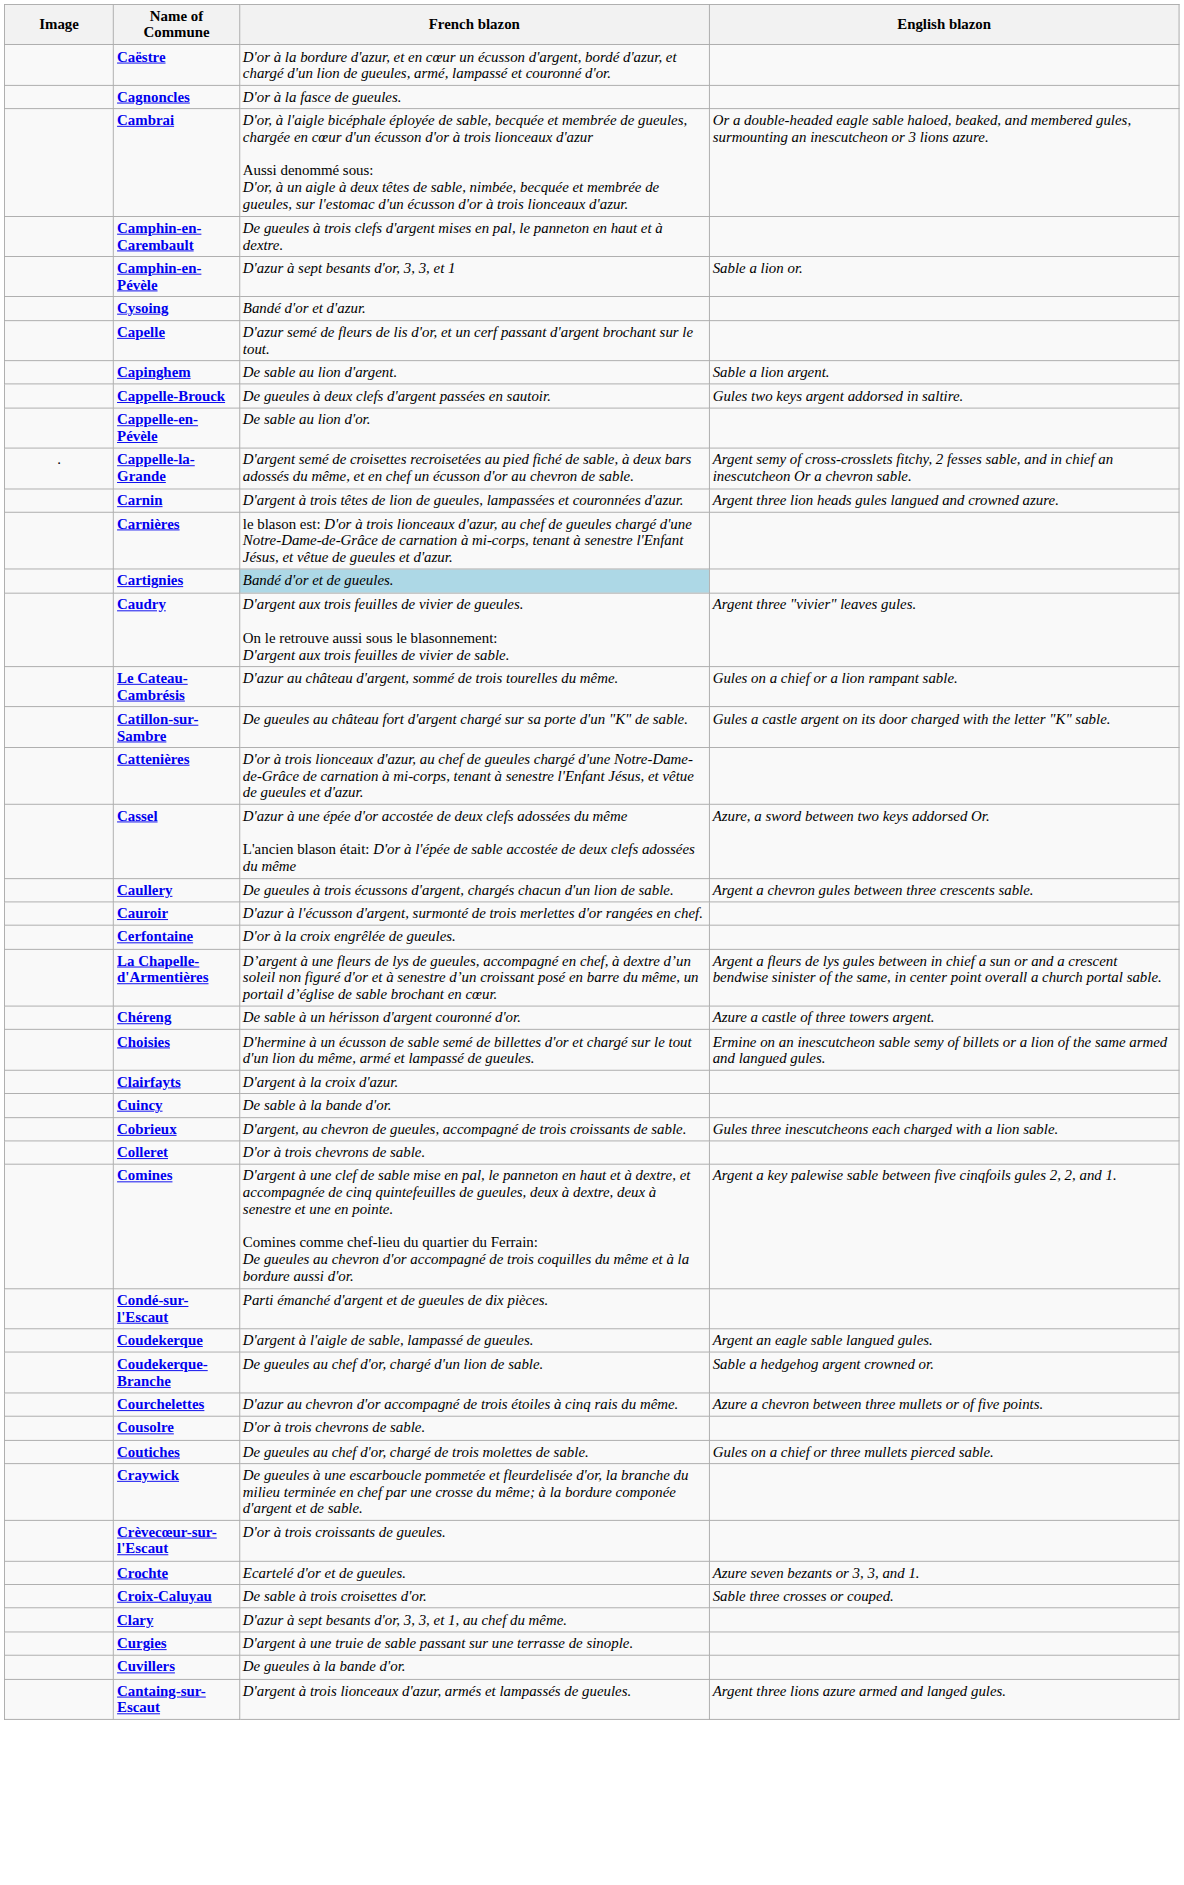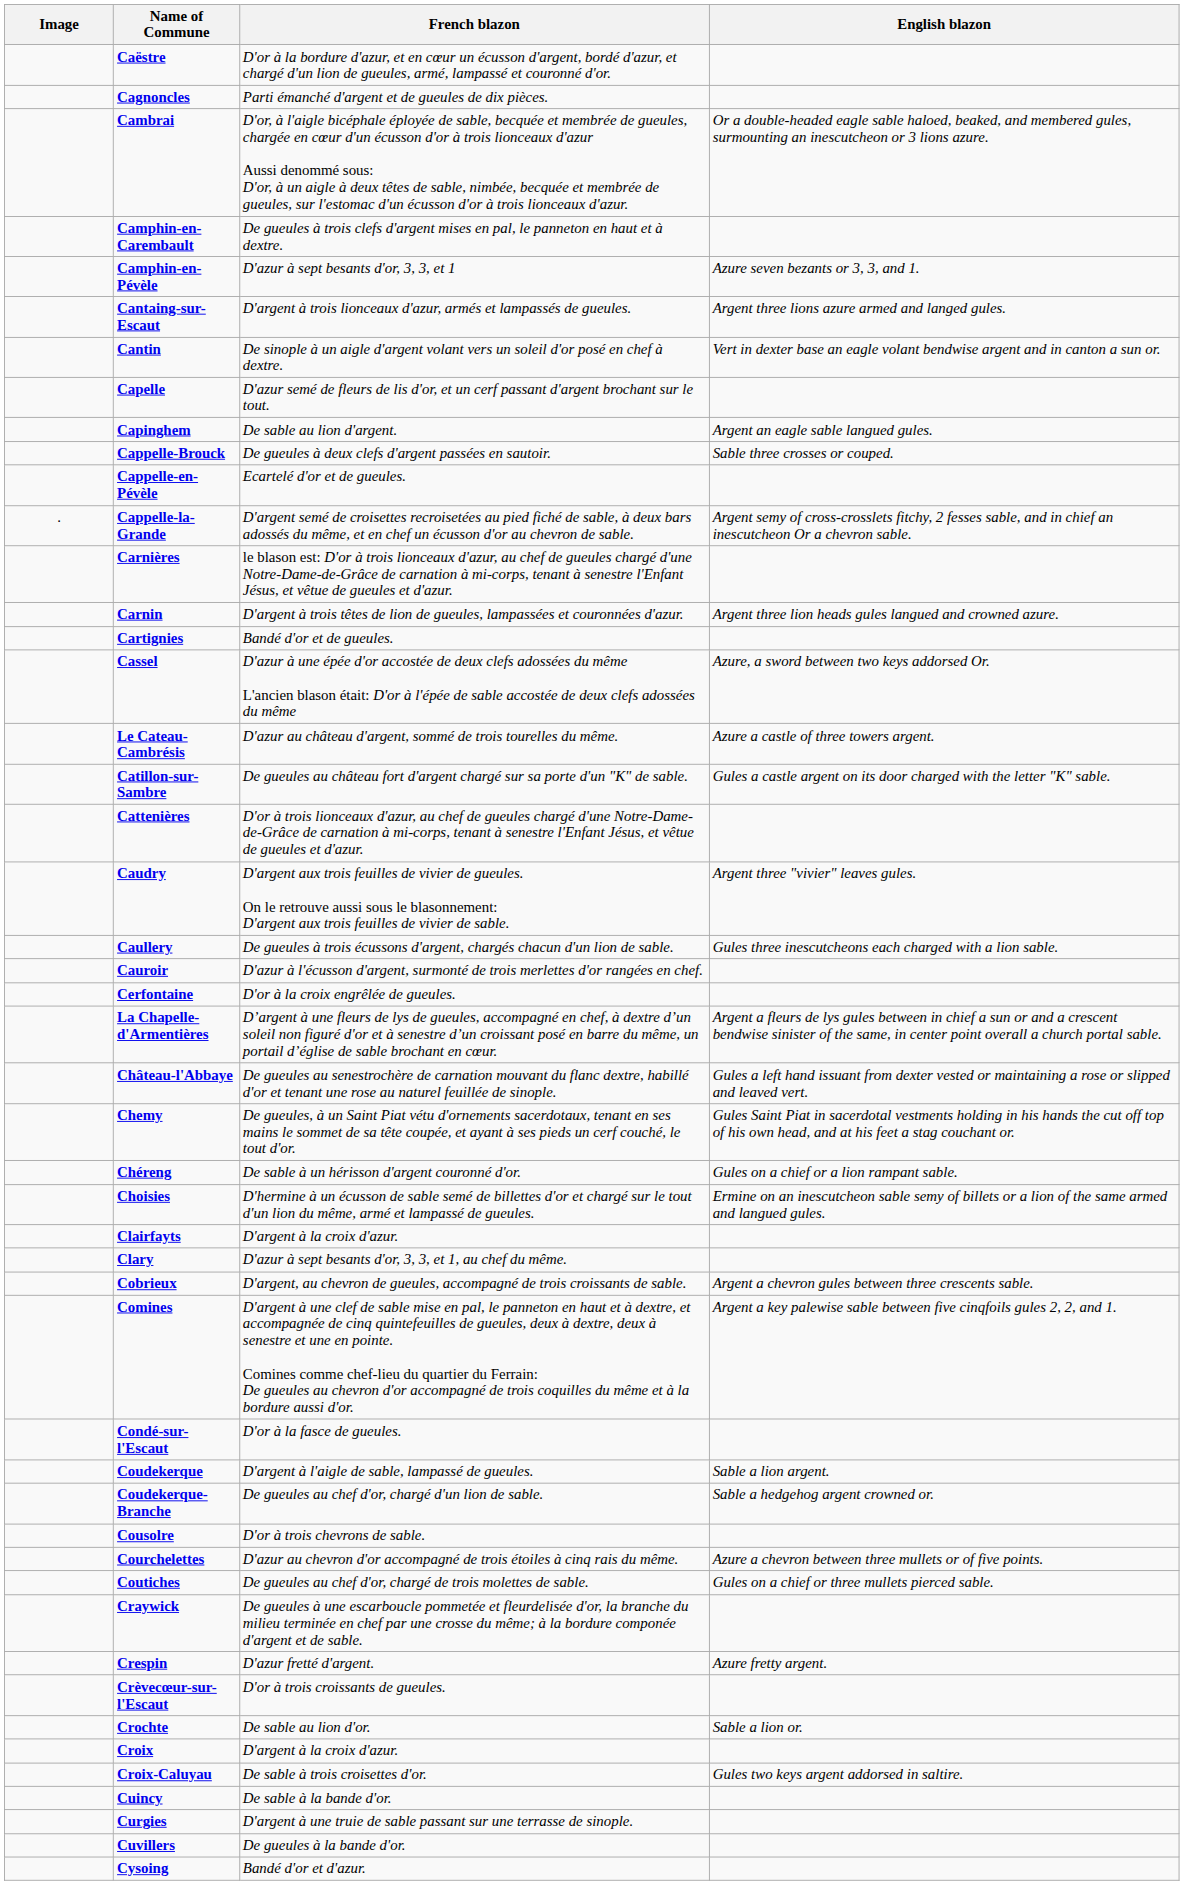 <table class="wikitable" width="100%">
 <tr>
 <th width="110">Image</th>
 <th>Name of Commune</th>
 <th width="40%">French blazon</th>
 <th width="40%">English blazon</th>
 </tr>
 <tr valign=top>
 <td align=center></td>
 <td><strong><a href='#'>Caëstre</a></strong></td>
 <td><em>D'or à la bordure d'azur, et en cœur un écusson d'argent, bordé d'azur, et chargé d'un lion de gueules, armé, lampassé et couronné d'or.</em></td>
 <td></td>
 </tr>
 <tr valign=top>
 <td align=center></td>
 <td><strong><a href='#'>Cagnoncles</a></strong></td>
-<td><em>D'or à la fasce de gueules.</em></td>
+<td><em>Parti émanché d'argent et de gueules de dix pièces.</em></td>
 <td></td>
 </tr>
 <tr valign=top>
 <td align=center></td>
 <td><strong><a href='#'>Cambrai</a></strong></td>
 <td><em>D'or, à l'aigle bicéphale éployée de sable, becquée et membrée de gueules, chargée en cœur d'un écusson d'or à trois lionceaux d'azur</em><br><br>Aussi denommé sous:<br><em>D'or, à un aigle à deux têtes de sable, nimbée, becquée et membrée de gueules, sur l'estomac d'un écusson d'or à trois lionceaux d'azur.</em><br></td>
 <td><em>Or a double-headed eagle sable haloed, beaked, and membered gules, surmounting an inescutcheon or 3 lions azure.</em></td>
 </tr>
 <tr valign=top>
 <td align=center></td>
 <td><strong><a href='#'>Camphin-en-Carembault</a></strong></td>
 <td><em>De gueules à trois clefs d'argent mises en pal, le panneton en haut et à dextre.</em></td>
 <td></td>
 </tr>
 <tr valign=top>
 <td align=center></td>
 <td><strong><a href='#'>Camphin-en-Pévèle</a></strong></td>
 <td><em>D'azur à sept besants d'or, 3, 3, et 1</em></td>
-<td><em>Sable a lion or.</em></td>
+<td><em>Azure seven bezants or 3, 3, and 1.</em></td>
 </tr>
 <tr valign=top>
 <td align=center></td>
-<td><strong><a href='#'>Cysoing</a></strong></td>
-<td><em>Bandé d'or et d'azur.</em></td>
-<td></td>
+<td><strong><a href='#'>Cantaing-sur-Escaut</a></strong></td>
+<td><em>D'argent à trois lionceaux d'azur, armés et lampassés de gueules.</em></td>
+<td><em>Argent three lions azure armed and langed gules.</em></td>
+</tr>
+<tr valign=top>
+<td align=center></td>
+<td><strong><a href='#'>Cantin</a></strong></td>
+<td><em>De sinople à un aigle d'argent volant vers un soleil d'or posé en chef à dextre.</em></td>
+<td><em>Vert in dexter base an eagle volant bendwise argent and in canton a sun or.</em></td>
 </tr>
 <tr valign=top>
 <td align=center></td>
 <td><strong><a href='#'>Capelle</a></strong></td>
 <td><em>D'azur semé de fleurs de lis d'or, et un cerf passant d'argent brochant sur le tout.</em></td>
 <td></td>
 </tr>
 <tr valign=top>
 <td align=center></td>
 <td><strong><a href='#'>Capinghem</a></strong></td>
 <td><em>De sable au lion d'argent.</em></td>
-<td><em>Sable a lion argent.</em></td>
+<td><em>Argent an eagle sable langued gules.</em></td>
 </tr>
 <tr valign=top>
 <td align=center></td>
 <td><strong><a href='#'>Cappelle-Brouck</a></strong></td>
 <td><em>De gueules à deux clefs d'argent passées en sautoir.</em></td>
-<td><em>Gules two keys argent addorsed in saltire.</em></td>
+<td><em>Sable three crosses or couped.</em></td>
 </tr>
 <tr valign=top>
 <td align=center></td>
 <td><strong><a href='#'>Cappelle-en-Pévèle</a></strong></td>
-<td><em>De sable au lion d'or.</em></td>
+<td><em>Ecartelé d'or et de gueules.</em></td>
 <td></td>
 </tr>
 <tr valign=top>
 <td align=center>.</td>
 <td><strong><a href='#'>Cappelle-la-Grande</a></strong></td>
 <td><em>D'argent semé de croisettes recroisetées au pied fiché de sable, à deux bars adossés du même, et en chef un écusson d'or au chevron de sable.</em></td>
 <td><em>Argent semy of cross-crosslets fitchy, 2 fesses sable, and in chief an inescutcheon Or a chevron sable.</em><br>  </td>
 </tr>
 <tr valign=top>
 <td align=center></td>
+<td><strong><a href='#'>Carnières</a></strong></td>
+<td>le blason est: <em>D'or à trois lionceaux d'azur, au chef de gueules chargé d'une Notre-Dame-de-Grâce de carnation à mi-corps, tenant à senestre l'Enfant Jésus, et vêtue de gueules et d'azur.</em></td>
+<td></td>
+</tr>
+<tr valign=top>
+<td align=center></td>
 <td><strong><a href='#'>Carnin</a></strong></td>
 <td><em>D'argent à trois têtes de lion de gueules, lampassées et couronnées d'azur.</em></td>
 <td><em>Argent three lion heads gules langued and crowned azure.</em></td>
 </tr>
 <tr valign=top>
 <td align=center></td>
-<td><strong><a href='#'>Carnières</a></strong></td>
-<td>le blason est: <em>D'or à trois lionceaux d'azur, au chef de gueules chargé d'une Notre-Dame-de-Grâce de carnation à mi-corps, tenant à senestre l'Enfant Jésus, et vêtue de gueules et d'azur.</em></td>
+<td><strong><a href='#'>Cartignies</a></strong></td>
+<td><em>Bandé d'or et de gueules.</em></td>
 <td></td>
 </tr>
 <tr valign=top>
 <td align=center></td>
-<td><strong><a href='#'>Cartignies</a></strong></td>
-<td style="background: lightblue;"><em>Bandé d'or et de gueules.</em></td>
-<td></td>
-</tr>
-<tr valign=top>
-<td align=center></td>
-<td><strong><a href='#'>Caudry</a></strong></td>
-<td><em>D'argent aux trois feuilles de vivier de gueules.</em><br><br> On le retrouve aussi sous le blasonnement:<br><em>D'argent aux trois feuilles de vivier de sable.</em></td>
-<td><em>Argent three "vivier" leaves gules.</em></td>
+<td><strong><a href='#'>Cassel</a></strong></td>
+<td><em>D'azur à une épée d'or accostée de deux clefs adossées du même</em><br><br> L'ancien blason était: <em>D'or à l'épée de sable accostée de deux clefs adossées du même</em></td>
+<td><em>Azure, a sword between two keys addorsed Or.</em></td>
 </tr>
 <tr valign=top>
 <td align=center></td>
 <td><strong><a href='#'>Le Cateau-Cambrésis</a></strong></td>
 <td><em>D'azur au château d'argent, sommé de trois tourelles du même.</em></td>
-<td><em>Gules on a chief or a lion rampant sable.</em></td>
+<td><em>Azure a castle of three towers argent.</em></td>
 </tr>
 <tr valign=top>
 <td align=center></td>
 <td><strong><a href='#'>Catillon-sur-Sambre</a></strong></td>
 <td><em>De gueules au château fort d'argent chargé sur sa porte d'un "K" de sable.</em></td>
 <td><em>Gules a castle argent on its door charged with the letter "K" sable.</em></td>
 </tr>
 <tr valign=top>
 <td align=center></td>
 <td><strong><a href='#'>Cattenières</a></strong></td>
 <td><em>D'or à trois lionceaux d'azur, au chef de gueules chargé d'une Notre-Dame-de-Grâce de carnation à mi-corps, tenant à senestre l'Enfant Jésus, et vêtue de gueules et d'azur.</em></td>
 <td></td>
 </tr>
 <tr valign=top>
 <td align=center></td>
-<td><strong><a href='#'>Cassel</a></strong></td>
-<td><em>D'azur à une épée d'or accostée de deux clefs adossées du même</em><br><br> L'ancien blason était: <em>D'or à l'épée de sable accostée de deux clefs adossées du même</em></td>
-<td><em>Azure, a sword between two keys addorsed Or.</em></td>
+<td><strong><a href='#'>Caudry</a></strong></td>
+<td><em>D'argent aux trois feuilles de vivier de gueules.</em><br><br> On le retrouve aussi sous le blasonnement:<br><em>D'argent aux trois feuilles de vivier de sable.</em></td>
+<td><em>Argent three "vivier" leaves gules.</em></td>
 </tr>
 <tr valign=top>
 <td align=center></td>
 <td><strong><a href='#'>Caullery</a></strong></td>
 <td><em>De gueules à trois écussons d'argent, chargés chacun d'un lion de sable.</em></td>
-<td><em>Argent a chevron gules between three crescents sable.</em></td>
+<td><em>Gules three inescutcheons each charged with a lion sable.</em></td>
 </tr>
 <tr valign=top>
 <td align=center></td>
 <td><strong><a href='#'>Cauroir</a></strong></td>
 <td><em>D'azur à l'écusson d'argent, surmonté de trois merlettes d'or rangées en chef.</em></td>
 <td></td>
 </tr>
 <tr valign=top>
 <td align=center></td>
 <td><strong><a href='#'>Cerfontaine</a></strong></td>
 <td><em>D'or à la croix engrêlée de gueules.</em></td>
 <td></td>
 </tr>
 <tr valign=top>
 <td align=center></td>
 <td><strong><a href='#'>La Chapelle-d'Armentières</a></strong></td>
 <td><em>D’argent à une fleurs de lys de gueules, accompagné en chef, à dextre d’un soleil non figuré d'or et à senestre d’un croissant posé en barre du même, un portail d’église de sable brochant en cœur.</em></td>
 <td><em>Argent a fleurs de lys gules between in chief a sun or and a crescent bendwise sinister of the same, in center point overall a church portal sable.</em></td>
 </tr>
 <tr valign=top>
 <td align=center></td>
+<td><strong><a href='#'>Château-l'Abbaye</a></strong></td>
+<td><em>De gueules au senestrochère de carnation mouvant du flanc dextre, habillé d'or et tenant une rose au naturel feuillée de sinople.</em></td>
+<td><em>Gules a left hand issuant from dexter vested or maintaining a rose or slipped and leaved vert.</em></td>
+</tr>
+<tr valign=top>
+<td align=center></td>
+<td><strong><a href='#'>Chemy</a></strong></td>
+<td><em>De gueules, à un Saint Piat vétu d'ornements sacerdotaux, tenant en ses mains le sommet de sa tête coupée, et ayant à ses pieds un cerf couché, le tout d'or.</em></td>
+<td><em>Gules Saint Piat in sacerdotal vestments holding in his hands the cut off top of his own head, and at his feet a stag couchant or.</em></td>
+</tr>
+<tr valign=top>
+<td align=center></td>
 <td><strong><a href='#'>Chéreng</a></strong></td>
 <td><em>De sable à un hérisson d'argent couronné d'or.</em></td>
-<td><em>Azure a castle of three towers argent.</em></td>
+<td><em>Gules on a chief or a lion rampant sable.</em></td>
 </tr>
 <tr valign=top>
 <td align=center></td>
 <td><strong><a href='#'>Choisies</a></strong></td>
 <td><em>D'hermine à un écusson de sable semé de billettes d'or et chargé sur le tout d'un lion du même, armé et lampassé de gueules.</em></td>
 <td><em>Ermine on an inescutcheon sable semy of billets or a lion of the same armed and langued gules.</em></td>
 </tr>
 <tr valign=top>
 <td align=center></td>
 <td><strong><a href='#'>Clairfayts</a></strong></td>
 <td><em>D'argent à la croix d'azur.</em></td>
 <td></td>
 </tr>
 <tr valign=top>
 <td align=center></td>
-<td><strong><a href='#'>Cuincy</a></strong></td>
-<td><em>De sable à la bande d'or.</em></td>
+<td><strong><a href='#'>Clary</a></strong></td>
+<td><em>D'azur à sept besants d'or, 3, 3, et 1, au chef du même.</em></td>
 <td></td>
 </tr>
 <tr valign=top>
 <td align=center></td>
 <td><strong><a href='#'>Cobrieux</a></strong></td>
 <td><em>D'argent, au chevron de gueules, accompagné de trois croissants de sable.</em></td>
-<td><em>Gules three inescutcheons each charged with a lion sable.</em></td>
-</tr>
-<tr valign=top>
-<td align=center></td>
-<td><strong><a href='#'>Colleret</a></strong></td>
-<td><em>D'or à trois chevrons de sable.</em></td>
-<td></td>
+<td><em>Argent a chevron gules between three crescents sable.</em></td>
 </tr>
 <tr valign=top>
 <td align=center></td>
 <td><strong><a href='#'>Comines</a></strong></td>
 <td><em>D'argent à une clef de sable mise en pal, le panneton en haut et à dextre, et accompagnée de cinq quintefeuilles de gueules, deux à dextre, deux à senestre et une en pointe.</em><br><br> Comines comme chef-lieu du quartier du Ferrain:<br><em>De gueules au chevron d'or accompagné de trois coquilles du même et à la bordure aussi d'or.</em></td>
 <td><em>Argent a key palewise sable between five cinqfoils gules 2, 2, and 1.</em></td>
 </tr>
 <tr valign=top>
 <td align=center></td>
 <td><strong><a href='#'>Condé-sur-l'Escaut</a></strong></td>
-<td><em>Parti émanché d'argent et de gueules de dix pièces.</em></td>
+<td><em>D'or à la fasce de gueules.</em></td>
 <td></td>
 </tr>
 <tr valign=top>
 <td align=center></td>
 <td><strong><a href='#'>Coudekerque</a></strong></td>
 <td><em>D'argent à l'aigle de sable, lampassé de gueules.</em></td>
-<td><em>Argent an eagle sable langued gules.</em></td>
+<td><em>Sable a lion argent.</em></td>
 </tr>
 <tr valign=top>
 <td align=center></td>
 <td><strong><a href='#'>Coudekerque-Branche</a></strong></td>
 <td><em>De gueules au chef d'or, chargé d'un lion de sable.</em></td>
 <td><em>Sable a hedgehog argent crowned or.</em></td>
 </tr>
 <tr valign=top>
 <td align=center></td>
+<td><strong><a href='#'>Cousolre</a></strong></td>
+<td><em>D'or à trois chevrons de sable.</em></td>
+<td></td>
+</tr>
+<tr valign=top>
+<td align=center></td>
 <td><strong><a href='#'>Courchelettes</a></strong></td>
 <td><em>D'azur au chevron d'or accompagné de trois étoiles à cinq rais du même.</em></td>
 <td><em>Azure a chevron between three mullets or of five points.</em></td>
-</tr>
-<tr valign=top>
-<td align=center></td>
-<td><strong><a href='#'>Cousolre</a></strong></td>
-<td><em>D'or à trois chevrons de sable.</em></td>
-<td></td>
 </tr>
 <tr valign=top>
 <td align=center></td>
 <td><strong><a href='#'>Coutiches</a></strong></td>
 <td><em>De gueules au chef d'or, chargé de trois molettes de sable.</em></td>
 <td><em>Gules on a chief or three mullets pierced sable.</em></td>
 </tr>
 <tr valign=top>
 <td align=center></td>
 <td><strong><a href='#'>Craywick</a></strong></td>
 <td><em>De gueules à une escarboucle pommetée et fleurdelisée d'or, la branche du milieu terminée en chef par une crosse du même; à la bordure componée d'argent et de sable.</em></td>
 <td></td>
 </tr>
 <tr valign=top>
 <td align=center></td>
+<td><strong><a href='#'>Crespin</a></strong></td>
+<td><em>D'azur fretté d'argent.</em></td>
+<td><em>Azure fretty argent.</em></td>
+</tr>
+<tr valign=top>
+<td align=center></td>
 <td><strong><a href='#'>Crèvecœur-sur-l'Escaut</a></strong></td>
 <td><em>D'or à trois croissants de gueules.</em></td>
 <td></td>
 </tr>
 <tr valign=top>
 <td align=center></td>
 <td><strong><a href='#'>Crochte</a></strong></td>
-<td><em>Ecartelé d'or et de gueules.</em></td>
-<td><em>Azure seven bezants or 3, 3, and 1.</em></td>
+<td><em>De sable au lion d'or.</em></td>
+<td><em>Sable a lion or.</em></td>
+</tr>
+<tr valign=top>
+<td align=center></td>
+<td><strong><a href='#'>Croix</a></strong></td>
+<td><em> D'argent à la croix d'azur.</em></td>
+<td></td>
 </tr>
 <tr valign=top>
 <td align=center></td>
 <td><strong><a href='#'>Croix-Caluyau</a></strong></td>
 <td><em>De sable à trois croisettes d'or.</em></td>
-<td><em>Sable three crosses or couped.</em></td>
+<td><em>Gules two keys argent addorsed in saltire.</em></td>
 </tr>
 <tr valign=top>
 <td align=center></td>
-<td><strong><a href='#'>Clary</a></strong></td>
-<td><em>D'azur à sept besants d'or, 3, 3, et 1, au chef du même.</em></td>
+<td><strong><a href='#'>Cuincy</a></strong></td>
+<td><em>De sable à la bande d'or.</em></td>
 <td></td>
 </tr>
 <tr valign=top>
 <td align=center></td>
 <td><strong><a href='#'>Curgies</a></strong></td>
 <td><em>D'argent à une truie de sable passant sur une terrasse de sinople.</em></td>
 <td></td>
 </tr>
 <tr valign=top>
 <td align=center></td>
 <td><strong><a href='#'>Cuvillers</a></strong></td>
 <td><em>De gueules à la bande d'or.</em></td>
 <td></td>
 </tr>
 <tr valign=top>
 <td align=center></td>
-<td><strong><a href='#'>Cantaing-sur-Escaut</a></strong></td>
-<td><em>D'argent à trois lionceaux d'azur, armés et lampassés de gueules.</em></td>
-<td><em>Argent three lions azure armed and langed gules.</em></td>
+<td><strong><a href='#'>Cysoing</a></strong></td>
+<td><em>Bandé d'or et d'azur.</em></td>
+<td></td>
 </tr>
 </table>
